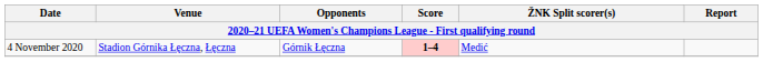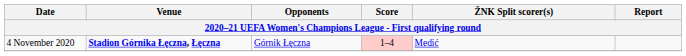 <table class="wikitable" style="font-size:95%;">
 <tr>
 <th width=125>Date</th>
 <th width=260>Venue</th>
 <th width=170>Opponents</th>
 <th width= 75>Score</th>
 <th width=320>ŽNK Split scorer(s)</th>
 <th width=100>Report</th>
 </tr>
 <tr>
 <th colspan=7><a href='#'>2020–21 UEFA Women's Champions League - First qualifying round</a></th>
 </tr>
 <tr>
 <td>4 November 2020</td>
-<td><a href='#'>Stadion Górnika Łęczna</a>, <a href='#'>Łęczna</a></td>
+<td><strong><a href='#'>Stadion Górnika Łęczna</a>, <a href='#'>Łęczna</a></strong></td>
 <td> <a href='#'>Górnik Łęczna</a></td>
-<td align=center bgcolor=#FFCCCC><strong>1–4</strong></td>
+<td align=center bgcolor=#FFCCCC>1–4</td>
 <td><a href='#'>Medić</a></td>
 <td></td>
 </tr>
 <tr>
 </tr>
 </table>
